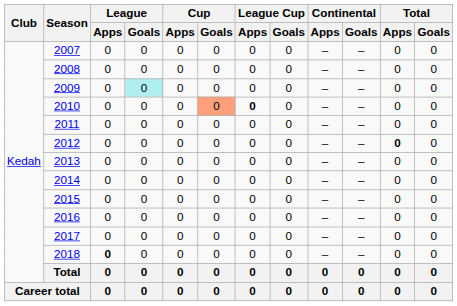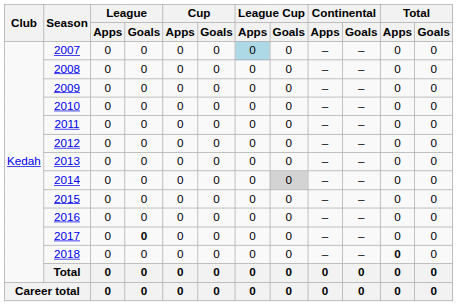 <table class="wikitable" style="text-align: center;">
 <tr>
 <th rowspan="2">Club</th>
 <th rowspan="2">Season</th>
 <th colspan="2">League</th>
 <th colspan="2">Cup</th>
 <th colspan="2">League Cup</th>
 <th colspan="2">Continental</th>
 <th colspan="2">Total</th>
 </tr>
 <tr>
 <th>Apps</th>
 <th>Goals</th>
 <th>Apps</th>
 <th>Goals</th>
 <th>Apps</th>
 <th>Goals</th>
 <th>Apps</th>
 <th>Goals</th>
 <th>Apps</th>
 <th>Goals</th>
 </tr>
 <tr>
 <td rowspan="13" valign="center"><a href='#'>Kedah</a></td>
 <td><a href='#'>2007</a></td>
 <td>0</td>
 <td>0</td>
 <td>0</td>
 <td>0</td>
-<td>0</td>
+<td style="background: lightblue;">0</td>
 <td>0</td>
 <td>–</td>
 <td>–</td>
 <td>0</td>
 <td>0</td>
 </tr>
 <tr>
 <td><a href='#'>2008</a></td>
 <td>0</td>
 <td>0</td>
 <td>0</td>
 <td>0</td>
 <td>0</td>
 <td>0</td>
 <td>–</td>
 <td>–</td>
 <td>0</td>
 <td>0</td>
 </tr>
 <tr>
 <td><a href='#'>2009</a></td>
 <td>0</td>
-<td style="background: paleturquoise;">0</td>
+<td>0</td>
 <td>0</td>
 <td>0</td>
 <td>0</td>
 <td>0</td>
 <td>–</td>
 <td>–</td>
 <td>0</td>
 <td>0</td>
 </tr>
 <tr>
 <td><a href='#'>2010</a></td>
 <td>0</td>
 <td>0</td>
 <td>0</td>
-<td style="background: lightsalmon;">0</td>
-<td><strong>0</strong></td>
+<td>0</td>
+<td>0</td>
 <td>0</td>
 <td>–</td>
 <td>–</td>
 <td>0</td>
 <td>0</td>
 </tr>
 <tr>
 <td><a href='#'>2011</a></td>
 <td>0</td>
 <td>0</td>
 <td>0</td>
 <td>0</td>
 <td>0</td>
 <td>0</td>
 <td>–</td>
 <td>–</td>
 <td>0</td>
 <td>0</td>
 </tr>
 <tr>
 <td><a href='#'>2012</a></td>
 <td>0</td>
 <td>0</td>
 <td>0</td>
 <td>0</td>
 <td>0</td>
 <td>0</td>
 <td>–</td>
 <td>–</td>
-<td><strong>0</strong></td>
+<td>0</td>
 <td>0</td>
 </tr>
 <tr>
 <td><a href='#'>2013</a></td>
 <td>0</td>
 <td>0</td>
 <td>0</td>
 <td>0</td>
 <td>0</td>
 <td>0</td>
 <td>–</td>
 <td>–</td>
 <td>0</td>
 <td>0</td>
 </tr>
 <tr>
 <td><a href='#'>2014</a></td>
 <td>0</td>
 <td>0</td>
 <td>0</td>
 <td>0</td>
 <td>0</td>
-<td>0</td>
+<td style="background: lightgrey;">0</td>
 <td>–</td>
 <td>–</td>
 <td>0</td>
 <td>0</td>
 </tr>
 <tr>
 <td><a href='#'>2015</a></td>
 <td>0</td>
 <td>0</td>
 <td>0</td>
 <td>0</td>
 <td>0</td>
 <td>0</td>
 <td>–</td>
 <td>–</td>
 <td>0</td>
 <td>0</td>
 </tr>
 <tr>
 <td><a href='#'>2016</a></td>
 <td>0</td>
 <td>0</td>
 <td>0</td>
 <td>0</td>
 <td>0</td>
 <td>0</td>
 <td>–</td>
 <td>–</td>
 <td>0</td>
 <td>0</td>
 </tr>
 <tr>
 <td><a href='#'>2017</a></td>
 <td>0</td>
-<td>0</td>
+<td><strong>0</strong></td>
 <td>0</td>
 <td>0</td>
 <td>0</td>
 <td>0</td>
 <td>–</td>
 <td>–</td>
 <td>0</td>
 <td>0</td>
 </tr>
 <tr>
 <td><a href='#'>2018</a></td>
-<td><strong>0</strong></td>
+<td>0</td>
 <td>0</td>
 <td>0</td>
 <td>0</td>
 <td>0</td>
 <td>0</td>
 <td>–</td>
 <td>–</td>
-<td>0</td>
+<td><strong>0</strong></td>
 <td>0</td>
 </tr>
 <tr>
 <th>Total</th>
 <th>0</th>
 <th>0</th>
 <th>0</th>
 <th>0</th>
 <th>0</th>
 <th>0</th>
 <th>0</th>
 <th>0</th>
 <th>0</th>
 <th>0</th>
 </tr>
 <tr>
 <th colspan=2>Career total</th>
 <th>0</th>
 <th>0</th>
 <th>0</th>
 <th>0</th>
 <th>0</th>
 <th>0</th>
 <th>0</th>
 <th>0</th>
 <th>0</th>
 <th>0</th>
 </tr>
 </table>
